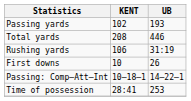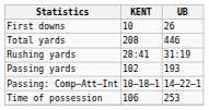 <table class="wikitable" style="float:left">
 <tr>
 <th>Statistics</th>
 <th>KENT</th>
 <th>UB</th>
 </tr>
 <tr>
-<td>Passing yards</td>
-<td>102</td>
-<td>193</td>
+<td>First downs</td>
+<td>10</td>
+<td>26</td>
 </tr>
 <tr>
 <td>Total yards</td>
 <td>208</td>
 <td>446</td>
 </tr>
 <tr>
 <td>Rushing yards</td>
-<td>106</td>
+<td>28:41</td>
 <td>31:19</td>
 </tr>
 <tr>
-<td>First downs</td>
-<td>10</td>
-<td>26</td>
+<td>Passing yards</td>
+<td>102</td>
+<td>193</td>
 </tr>
 <tr>
 <td>Passing: Comp–Att–Int</td>
 <td>10–18–1</td>
 <td>14–22–1</td>
 </tr>
 <tr>
 <td>Time of possession</td>
-<td>28:41</td>
+<td>106</td>
 <td>253</td>
 </tr>
 <tr>
 </tr>
 </table>
